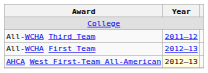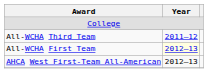 <table class="wikitable">
 <tr>
 <th>Award</th>
 <th>Year</th>
 <th></th>
 </tr>
 <tr ALIGN="center" bgcolor="#e0e0e0">
 <td colspan="3"><a href='#'>College</a></td>
 </tr>
 <tr>
 <td>All-<a href='#'>WCHA</a> <a href='#'>Third Team</a></td>
 <td><a href='#'>2011–12</a></td>
 <td></td>
 </tr>
 <tr>
 <td>All-<a href='#'>WCHA</a> <a href='#'>First Team</a></td>
-<td><a href='#'>2012–13</a></td>
+<td style="background: lightyellow;"><a href='#'>2012–13</a></td>
 <td></td>
 </tr>
 <tr>
 <td><a href='#'>AHCA</a> <a href='#'>West First-Team All-American</a></td>
-<td style="background: lightyellow;">2012–13</td>
+<td>2012–13</td>
 <td></td>
 </tr>
 <tr>
 </tr>
 </table>
